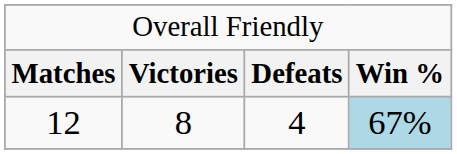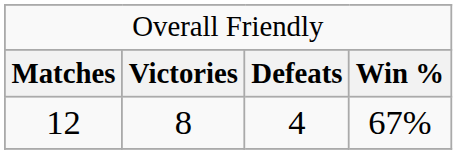 <table class="wikitable">
 <tr>
 <td align=center colspan=4>Overall Friendly</td>
 </tr>
 <tr>
 <th>Matches</th>
 <th>Victories</th>
 <th>Defeats</th>
 <th>Win %</th>
 </tr>
 <tr>
 <td align=center><big>12</big></td>
 <td align=center><big>8</big></td>
 <td align=center><big>4</big></td>
-<td align=center style="background: lightblue;"><big>67%</big></td>
+<td align=center><big>67%</big></td>
 </tr>
 </table>
